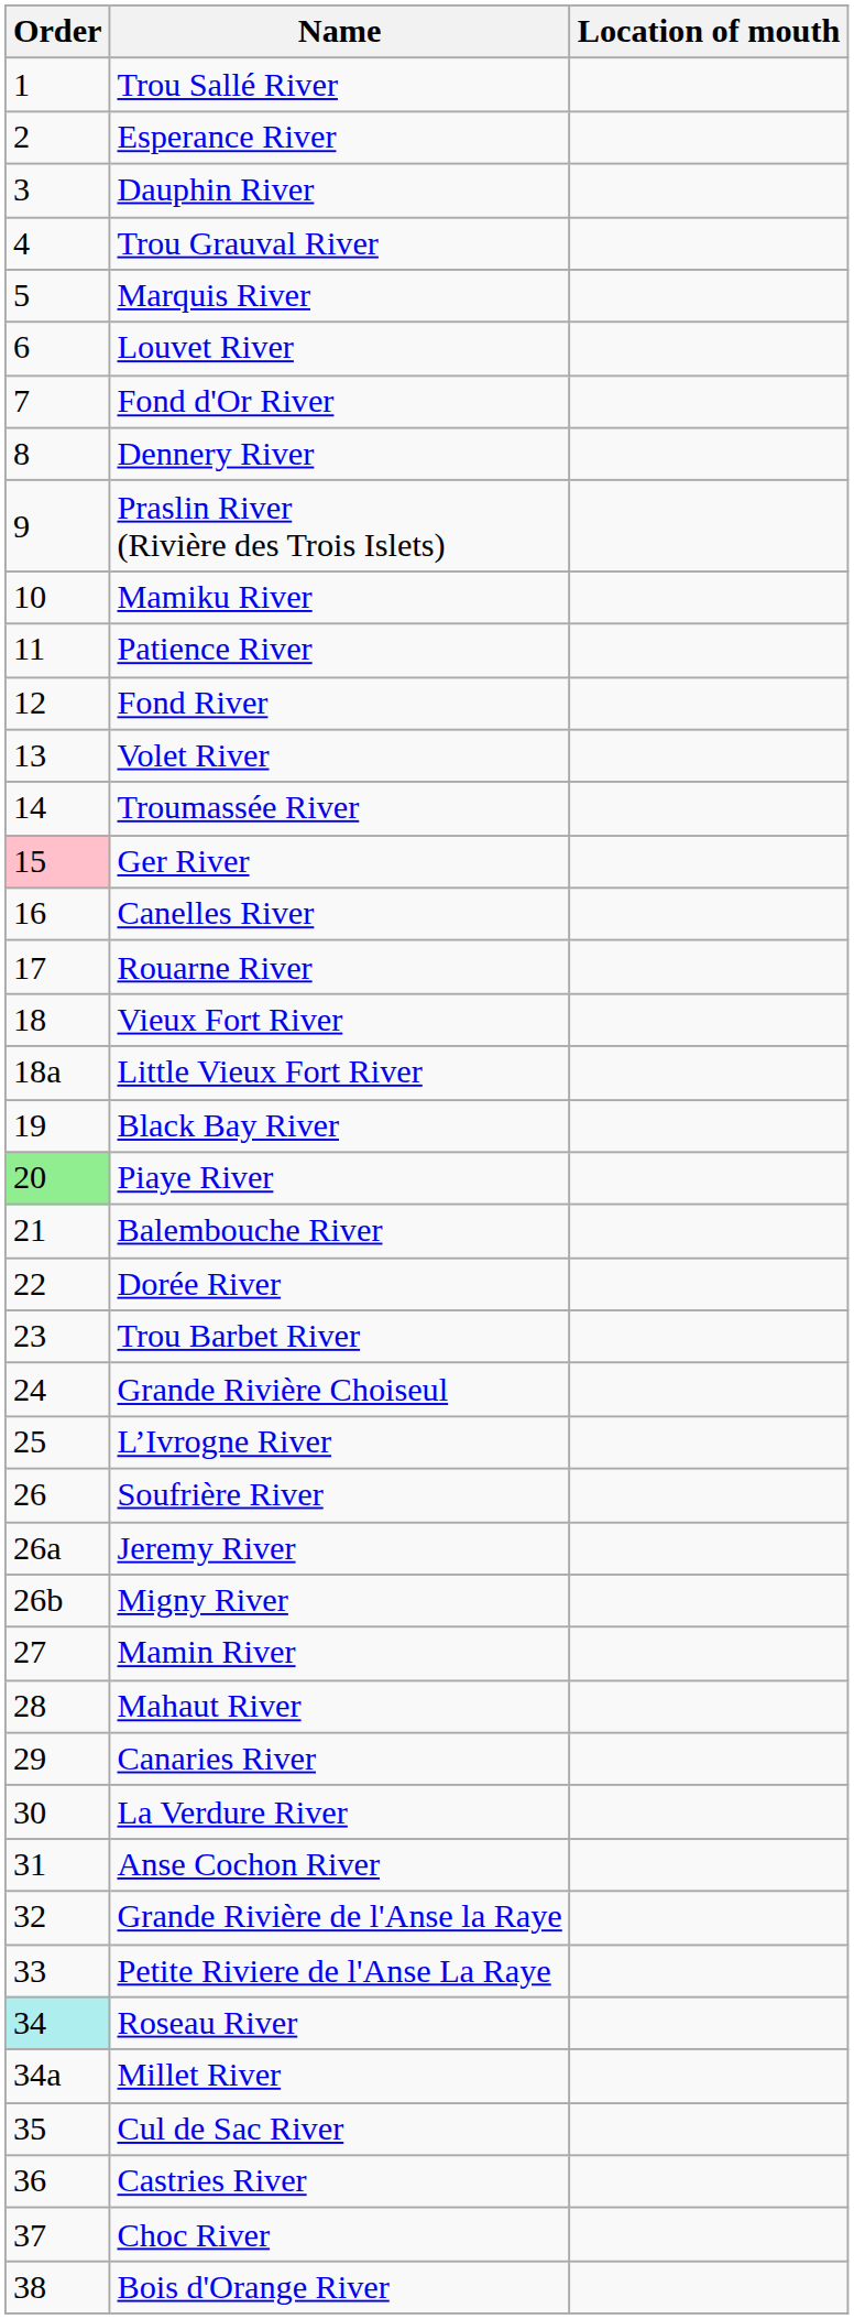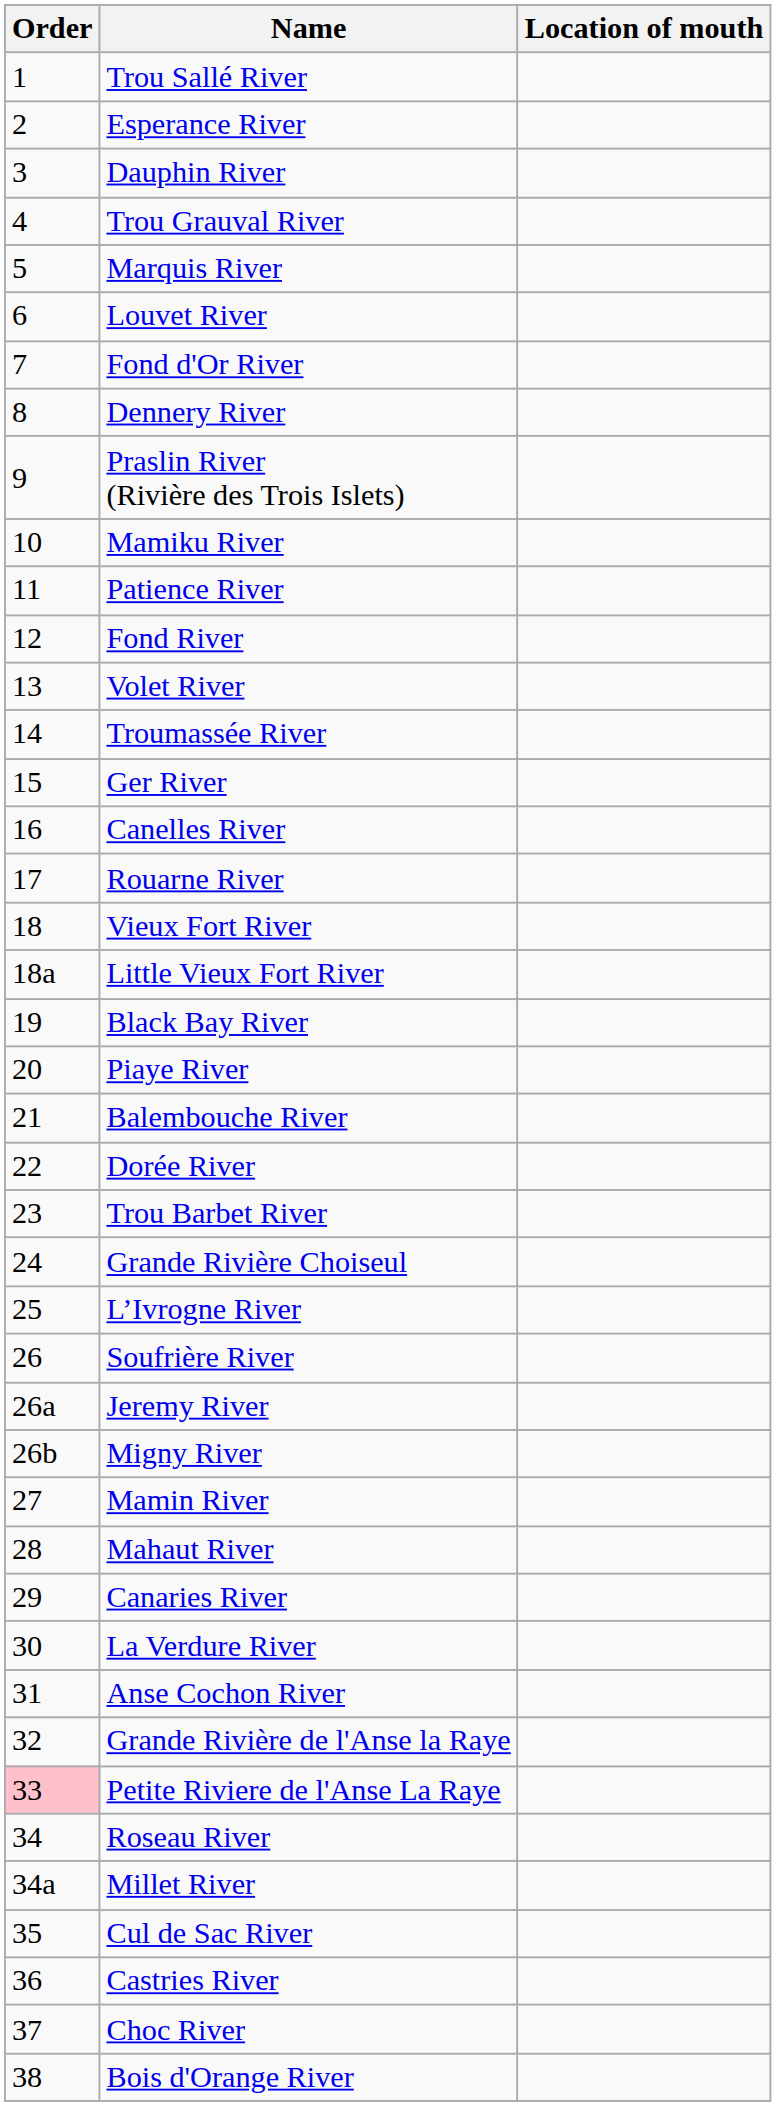 <table class="wikitable sortable">
 <tr>
 <th>Order</th>
 <th>Name</th>
 <th>Location of mouth</th>
 </tr>
 <tr>
 <td>1</td>
 <td><a href='#'>Trou Sallé River</a></td>
 <td></td>
 </tr>
 <tr>
 <td>2</td>
 <td><a href='#'>Esperance River</a></td>
 <td></td>
 </tr>
 <tr>
 <td>3</td>
 <td><a href='#'>Dauphin River</a></td>
 <td></td>
 </tr>
 <tr>
 <td>4</td>
 <td><a href='#'>Trou Grauval River</a></td>
 <td></td>
 </tr>
 <tr>
 <td>5</td>
 <td><a href='#'>Marquis River</a></td>
 <td></td>
 </tr>
 <tr>
 <td>6</td>
 <td><a href='#'>Louvet River</a></td>
 <td></td>
 </tr>
 <tr>
 <td>7</td>
 <td><a href='#'>Fond d'Or River</a></td>
 <td></td>
 </tr>
 <tr>
 <td>8</td>
 <td><a href='#'>Dennery River</a></td>
 <td></td>
 </tr>
 <tr>
 <td>9</td>
 <td><a href='#'>Praslin River</a><br>(Rivière des Trois Islets)</td>
 <td></td>
 </tr>
 <tr>
 <td>10</td>
 <td><a href='#'>Mamiku River</a></td>
 <td></td>
 </tr>
 <tr>
 <td>11</td>
 <td><a href='#'>Patience River</a></td>
 <td></td>
 </tr>
 <tr>
 <td>12</td>
 <td><a href='#'>Fond River</a></td>
 <td></td>
 </tr>
 <tr>
 <td>13</td>
 <td><a href='#'>Volet River</a></td>
 <td></td>
 </tr>
 <tr>
 <td>14</td>
 <td><a href='#'>Troumassée River</a></td>
 <td></td>
 </tr>
 <tr>
-<td style="background: pink;">15</td>
+<td>15</td>
 <td><a href='#'>Ger River</a></td>
 <td></td>
 </tr>
 <tr>
 <td>16</td>
 <td><a href='#'>Canelles River</a></td>
 <td></td>
 </tr>
 <tr>
 <td>17</td>
 <td><a href='#'>Rouarne River</a></td>
 <td></td>
 </tr>
 <tr>
 <td>18</td>
 <td><a href='#'>Vieux Fort River</a></td>
 <td></td>
 </tr>
 <tr>
 <td>18a</td>
 <td><a href='#'>Little Vieux Fort River</a></td>
 <td></td>
 </tr>
 <tr>
 <td>19</td>
 <td><a href='#'>Black Bay River</a></td>
 <td></td>
 </tr>
 <tr>
-<td style="background: lightgreen;">20</td>
+<td>20</td>
 <td><a href='#'>Piaye River</a></td>
 <td></td>
 </tr>
 <tr>
 <td>21</td>
 <td><a href='#'>Balembouche River</a></td>
 <td></td>
 </tr>
 <tr>
 <td>22</td>
 <td><a href='#'>Dorée River</a></td>
 <td></td>
 </tr>
 <tr>
 <td>23</td>
 <td><a href='#'>Trou Barbet River</a></td>
 <td></td>
 </tr>
 <tr>
 <td>24</td>
 <td><a href='#'>Grande Rivière Choiseul</a></td>
 <td></td>
 </tr>
 <tr>
 <td>25</td>
 <td><a href='#'>L’Ivrogne River</a></td>
 <td></td>
 </tr>
 <tr>
 <td>26</td>
 <td><a href='#'>Soufrière River</a></td>
 <td></td>
 </tr>
 <tr>
 <td>26a</td>
 <td><a href='#'>Jeremy River</a></td>
 </tr>
 <tr>
 <td>26b</td>
 <td><a href='#'>Migny River</a></td>
 <td></td>
 </tr>
 <tr>
 <td>27</td>
 <td><a href='#'>Mamin River</a></td>
 <td></td>
 </tr>
 <tr>
 <td>28</td>
 <td><a href='#'>Mahaut River</a></td>
 <td></td>
 </tr>
 <tr>
 <td>29</td>
 <td><a href='#'>Canaries River</a></td>
 <td></td>
 </tr>
 <tr>
 <td>30</td>
 <td><a href='#'>La Verdure River</a></td>
 <td></td>
 </tr>
 <tr>
 <td>31</td>
 <td><a href='#'>Anse Cochon River</a></td>
 <td></td>
 </tr>
 <tr>
 <td>32</td>
 <td><a href='#'>Grande Rivière de l'Anse la Raye</a></td>
 <td></td>
 </tr>
 <tr>
-<td>33</td>
+<td style="background: pink;">33</td>
 <td><a href='#'>Petite Riviere de l'Anse La Raye</a></td>
 <td></td>
 </tr>
 <tr>
-<td style="background: paleturquoise;">34</td>
+<td>34</td>
 <td><a href='#'>Roseau River</a></td>
 <td></td>
 </tr>
 <tr>
 <td>34a</td>
 <td><a href='#'>Millet River</a></td>
 <td></td>
 </tr>
 <tr>
 <td>35</td>
 <td><a href='#'>Cul de Sac River</a></td>
 <td></td>
 </tr>
 <tr>
 <td>36</td>
 <td><a href='#'>Castries River</a></td>
 <td></td>
 </tr>
 <tr>
 <td>37</td>
 <td><a href='#'>Choc River</a></td>
 <td></td>
 </tr>
 <tr>
 <td>38</td>
 <td><a href='#'>Bois d'Orange River</a></td>
 <td></td>
 </tr>
 </table>
